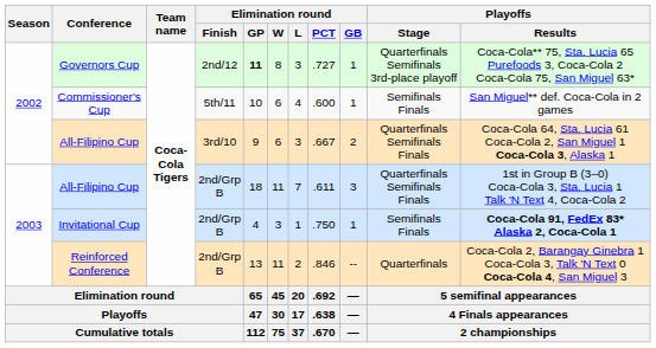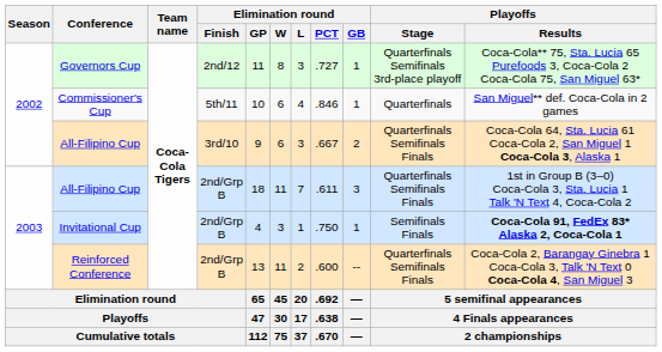 <table class=wikitable style="text-align:center;">
 <tr>
 <th width=50px rowspan=2>Season</th>
 <th width=120px rowspan=2>Conference</th>
 <th width=60px rowspan=2>Team name</th>
 <th colspan=6>Elimination round</th>
 <th colspan=2>Playoffs</th>
 </tr>
 <tr>
 <th width=50px>Finish</th>
 <th width=20px>GP</th>
 <th width=20px>W</th>
 <th width=20px>L</th>
 <th width=35px><a href='#'>PCT</a></th>
 <th width=30px><a href='#'>GB</a></th>
 <th width=120px>Stage</th>
 <th width=250px>Results</th>
 </tr>
 <tr bgcolor=#DDFFDD>
 <td bgcolor=#fefefe rowspan=3><a href='#'>2002</a></td>
 <td><a href='#'>Governors Cup</a></td>
 <td bgcolor=#fefefe rowspan=6><strong>Coca-Cola Tigers</strong></td>
 <td>2nd/12</td>
-<td><strong>11</strong></td>
+<td>11</td>
 <td>8</td>
 <td>3</td>
 <td>.727</td>
 <td>1</td>
 <td>Quarterfinals<br>Semifinals<br>3rd-place playoff</td>
 <td>Coca-Cola** 75, <a href='#'>Sta. Lucia</a> 65<br><a href='#'>Purefoods</a> 3, Coca-Cola 2<br>Coca-Cola 75, <a href='#'>San Miguel</a> 63*</td>
 </tr>
 <tr>
 <td><a href='#'>Commissioner's Cup</a></td>
 <td>5th/11</td>
 <td>10</td>
 <td>6</td>
 <td>4</td>
-<td>.600</td>
+<td>.846</td>
 <td>1</td>
-<td>Semifinals<br>Finals</td>
+<td>Quarterfinals</td>
 <td><a href='#'>San Miguel</a>** def.  Coca-Cola in 2 games</td>
 </tr>
 <tr bgcolor=#FFE6BD>
 <td><a href='#'>All-Filipino Cup</a></td>
 <td>3rd/10</td>
 <td>9</td>
 <td>6</td>
 <td>3</td>
 <td>.667</td>
 <td>2</td>
 <td>Quarterfinals<br>Semifinals<br>Finals</td>
 <td>Coca-Cola 64, <a href='#'>Sta. Lucia</a> 61<br>Coca-Cola 2, <a href='#'>San Miguel</a> 1<br><strong>Coca-Cola 3</strong>, <a href='#'>Alaska</a> 1</td>
 </tr>
 <tr bgcolor=#D0E7FF>
 <td bgcolor=#fefefe rowspan=3><a href='#'>2003</a></td>
 <td><a href='#'>All-Filipino Cup</a></td>
 <td>2nd/Grp B</td>
 <td>18</td>
 <td>11</td>
 <td>7</td>
 <td>.611</td>
 <td>3</td>
 <td>Quarterfinals<br>Semifinals<br>Finals</td>
 <td>1st in Group B (3–0)<br>Coca-Cola 3, <a href='#'>Sta. Lucia</a> 1<br><a href='#'>Talk 'N Text</a> 4, Coca-Cola 2</td>
 </tr>
 <tr bgcolor=#D0E7FF>
 <td><a href='#'>Invitational Cup</a></td>
 <td>2nd/Grp B</td>
 <td>4</td>
 <td>3</td>
 <td>1</td>
 <td>.750</td>
 <td>1</td>
 <td>Semifinals<br>Finals</td>
 <td><strong>Coca-Cola 91, <a href='#'>FedEx</a> 83*<br><a href='#'>Alaska</a> 2, Coca-Cola 1</strong></td>
 </tr>
 <tr bgcolor=#FFE6BD>
 <td><a href='#'>Reinforced Conference</a></td>
 <td>2nd/Grp B</td>
 <td>13</td>
 <td>11</td>
 <td>2</td>
-<td>.846</td>
+<td>.600</td>
 <td>--</td>
-<td>Quarterfinals</td>
+<td>Quarterfinals<br>Semifinals<br>Finals</td>
 <td>Coca-Cola 2, <a href='#'>Barangay Ginebra</a> 1<br>Coca-Cola 3, <a href='#'>Talk 'N Text</a> 0<br><strong>Coca-Cola 4</strong>, <a href='#'>San Miguel</a> 3</td>
 </tr>
 <tr>
 <th colspan=4>Elimination round</th>
 <th>65</th>
 <th>45</th>
 <th>20</th>
 <th>.692</th>
 <th>—</th>
 <th colspan=2>5 semifinal appearances</th>
 </tr>
 <tr>
 <th colspan=4>Playoffs</th>
 <th>47</th>
 <th>30</th>
 <th>17</th>
 <th>.638</th>
 <th>—</th>
 <th colspan=2>4 Finals appearances</th>
 </tr>
 <tr>
 <th colspan=4>Cumulative totals</th>
 <th>112</th>
 <th>75</th>
 <th>37</th>
 <th>.670</th>
 <th>—</th>
 <th colspan=2>2 championships</th>
 </tr>
 </table>
